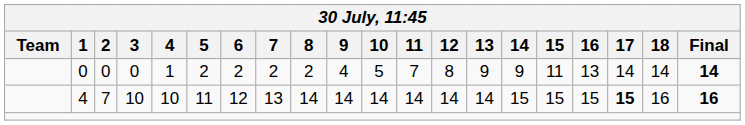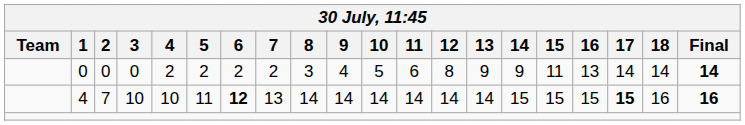 <table class=wikitable style="text-align:center; width: 55%">
 <tr>
 <th colspan=20><em>30 July, 11:45</em></th>
 </tr>
 <tr>
 <th>Team</th>
 <th>1</th>
 <th>2</th>
 <th>3</th>
 <th>4</th>
 <th>5</th>
 <th>6</th>
 <th>7</th>
 <th>8</th>
 <th>9</th>
 <th>10</th>
 <th>11</th>
 <th>12</th>
 <th>13</th>
 <th>14</th>
 <th>15</th>
 <th>16</th>
 <th>17</th>
 <th>18</th>
 <th>Final</th>
 </tr>
 <tr>
 <td align=left></td>
 <td>0</td>
 <td>0</td>
 <td>0</td>
-<td>1</td>
 <td>2</td>
 <td>2</td>
 <td>2</td>
 <td>2</td>
+<td>3</td>
 <td>4</td>
 <td>5</td>
-<td>7</td>
+<td>6</td>
 <td>8</td>
 <td>9</td>
 <td>9</td>
 <td>11</td>
 <td>13</td>
 <td>14</td>
 <td>14</td>
 <td><strong>14</strong></td>
 </tr>
 <tr>
 <td align=left><strong></strong></td>
 <td>4</td>
 <td>7</td>
 <td>10</td>
 <td>10</td>
 <td>11</td>
-<td>12</td>
+<td><strong>12</strong></td>
 <td>13</td>
 <td>14</td>
 <td>14</td>
 <td>14</td>
 <td>14</td>
 <td>14</td>
 <td>14</td>
 <td>15</td>
 <td>15</td>
 <td>15</td>
 <td><strong>15</strong></td>
 <td>16</td>
 <td><strong>16</strong></td>
 </tr>
 <tr>
 <td colspan=20></td>
 </tr>
 </table>
